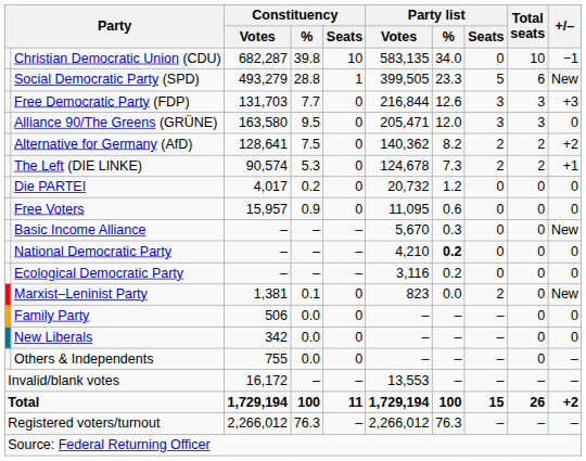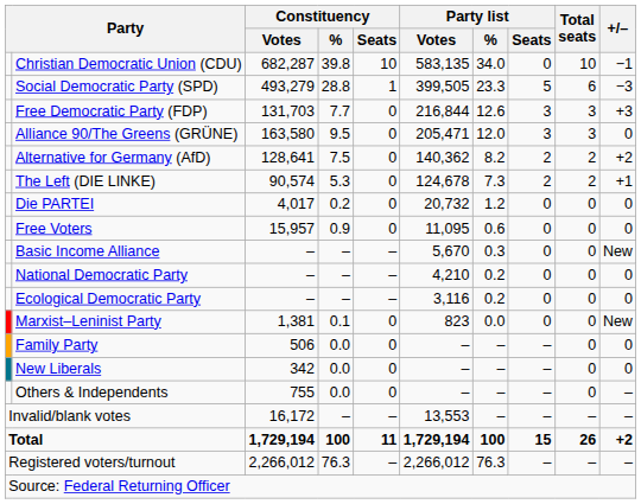 <table class="wikitable" style="text-align:right">
 <tr>
 <th colspan="2" rowspan="2">Party</th>
 <th colspan="3">Constituency</th>
 <th colspan="3">Party list</th>
 <th rowspan="2">Total<br>seats</th>
 <th rowspan="2">+/–</th>
 </tr>
 <tr>
 <th>Votes</th>
 <th>%</th>
 <th>Seats</th>
 <th>Votes</th>
 <th>%</th>
 <th>Seats</th>
 </tr>
 <tr>
 <td></td>
 <td align="left"><a href='#'>Christian Democratic Union</a> (CDU)</td>
 <td>682,287</td>
 <td>39.8</td>
 <td>10</td>
 <td>583,135</td>
 <td>34.0</td>
 <td>0</td>
 <td>10</td>
 <td>−1</td>
 </tr>
 <tr>
 <td></td>
 <td align="left"><a href='#'>Social Democratic Party</a> (SPD)</td>
 <td>493,279</td>
 <td>28.8</td>
 <td>1</td>
 <td>399,505</td>
 <td>23.3</td>
 <td>5</td>
 <td>6</td>
-<td>New</td>
+<td>−3</td>
 </tr>
 <tr>
 <td></td>
 <td align="left"><a href='#'>Free Democratic Party</a> (FDP)</td>
 <td>131,703</td>
 <td>7.7</td>
 <td>0</td>
 <td>216,844</td>
 <td>12.6</td>
 <td>3</td>
 <td>3</td>
 <td>+3</td>
 </tr>
 <tr>
 <td></td>
 <td align="left"><a href='#'>Alliance 90/The Greens</a> (GRÜNE)</td>
 <td>163,580</td>
 <td>9.5</td>
 <td>0</td>
 <td>205,471</td>
 <td>12.0</td>
 <td>3</td>
 <td>3</td>
 <td>0</td>
 </tr>
 <tr>
 <td></td>
 <td align="left"><a href='#'>Alternative for Germany</a> (AfD)</td>
 <td>128,641</td>
 <td>7.5</td>
 <td>0</td>
 <td>140,362</td>
 <td>8.2</td>
 <td>2</td>
 <td>2</td>
 <td>+2</td>
 </tr>
 <tr>
 <td></td>
 <td align="left"><a href='#'>The Left</a> (DIE LINKE)</td>
 <td>90,574</td>
 <td>5.3</td>
 <td>0</td>
 <td>124,678</td>
 <td>7.3</td>
 <td>2</td>
 <td>2</td>
 <td>+1</td>
 </tr>
 <tr>
 <td style="background-color:"></td>
 <td align="left"><a href='#'>Die PARTEI</a></td>
 <td>4,017</td>
 <td>0.2</td>
 <td>0</td>
 <td>20,732</td>
 <td>1.2</td>
 <td>0</td>
 <td>0</td>
 <td>0</td>
 </tr>
 <tr>
 <td style="background-color:"></td>
 <td align="left"><a href='#'>Free Voters</a></td>
 <td>15,957</td>
 <td>0.9</td>
 <td>0</td>
 <td>11,095</td>
 <td>0.6</td>
 <td>0</td>
 <td>0</td>
 <td>0</td>
 </tr>
 <tr>
 <td style="background-color:"></td>
 <td align="left"><a href='#'>Basic Income Alliance</a></td>
 <td>–</td>
 <td>–</td>
 <td>–</td>
 <td>5,670</td>
 <td>0.3</td>
 <td>0</td>
 <td>0</td>
 <td>New</td>
 </tr>
 <tr>
 <td style="background-color:"></td>
 <td align="left"><a href='#'>National Democratic Party</a></td>
 <td>–</td>
 <td>–</td>
 <td>–</td>
 <td>4,210</td>
-<td><strong>0.2</strong></td>
+<td>0.2</td>
 <td>0</td>
 <td>0</td>
 <td>0</td>
 </tr>
 <tr>
 <td style="background-color:"></td>
 <td align="left"><a href='#'>Ecological Democratic Party</a></td>
 <td>–</td>
 <td>–</td>
 <td>–</td>
 <td>3,116</td>
 <td>0.2</td>
 <td>0</td>
 <td>0</td>
 <td>0</td>
 </tr>
 <tr>
 <td style="background-color:red"></td>
 <td align="left"><a href='#'>Marxist–Leninist Party</a></td>
 <td>1,381</td>
 <td>0.1</td>
 <td>0</td>
 <td>823</td>
 <td>0.0</td>
-<td>2</td>
+<td>0</td>
 <td>0</td>
 <td>New</td>
 </tr>
 <tr>
 <td style="background-color:#FFA500"></td>
 <td align="left"><a href='#'>Family Party</a></td>
 <td>506</td>
 <td>0.0</td>
 <td>0</td>
 <td>–</td>
 <td>–</td>
 <td>–</td>
 <td>0</td>
 <td>0</td>
 </tr>
 <tr>
 <td style="background-color:#00758C"></td>
 <td align="left"><a href='#'>New Liberals</a></td>
 <td>342</td>
 <td>0.0</td>
 <td>0</td>
 <td>–</td>
 <td>–</td>
 <td>–</td>
 <td>0</td>
 <td>0</td>
 </tr>
 <tr>
 <td></td>
 <td align="left">Others & Independents</td>
 <td>755</td>
 <td>0.0</td>
 <td>0</td>
 <td>–</td>
 <td>–</td>
 <td>–</td>
 <td>0</td>
 <td>–</td>
 </tr>
 <tr>
 <td colspan="2" align="left">Invalid/blank votes</td>
 <td>16,172</td>
 <td>–</td>
 <td>–</td>
 <td>13,553</td>
 <td>–</td>
 <td>–</td>
 <td>–</td>
 <td>–</td>
 </tr>
 <tr>
 <td colspan="2" align="left"><strong>Total</strong></td>
 <td><strong>1,729,194</strong></td>
 <td><strong>100</strong></td>
 <td><strong>11</strong></td>
 <td><strong>1,729,194</strong></td>
 <td><strong>100</strong></td>
 <td><strong>15</strong></td>
 <td><strong>26</strong></td>
 <td><strong>+2</strong></td>
 </tr>
 <tr>
 <td colspan="2" align="left">Registered voters/turnout</td>
 <td>2,266,012</td>
 <td>76.3</td>
 <td>–</td>
 <td>2,266,012</td>
 <td>76.3</td>
 <td>–</td>
 <td>–</td>
 <td>–</td>
 </tr>
 <tr>
 <td colspan="10" align="left">Source: <a href='#'>Federal Returning Officer</a></td>
 </tr>
 </table>
